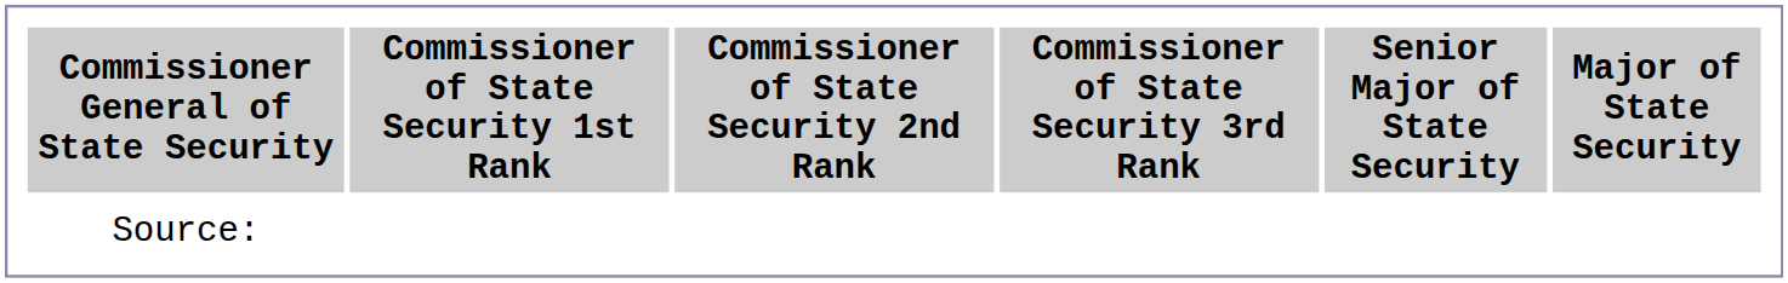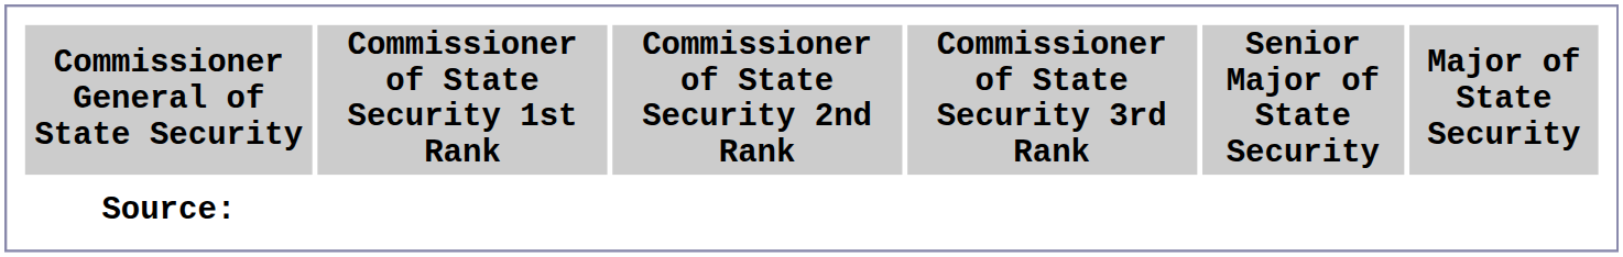 <table style="width:100%; border:1px solid #8888aa; background:#fff; padding:5px; font-size:95%; margin:0 12px 12px 0; text-align:center; ">
 <tr style="background:#ccc;">
 <th colspan="1">Commissioner General of State Security</th>
 <th colspan="2">Commissioner of State Security 1st Rank</th>
 <th colspan="2">Commissioner of State Security 2nd Rank</th>
 <th colspan="2">Commissioner of State Security 3rd Rank</th>
 <th colspan="2">Senior Major of State Security</th>
 <th colspan="2">Major of State Security</th>
 </tr>
 <tr style="text-align:center;">
 <td></td>
 <td></td>
 <td></td>
 <td></td>
 <td></td>
 <td></td>
 <td></td>
 <td></td>
 <td></td>
 <td></td>
 <td></td>
 </tr>
 <tr>
-<td>Source:</td>
+<td><strong>Source:</strong></td>
 </tr>
 </table>
